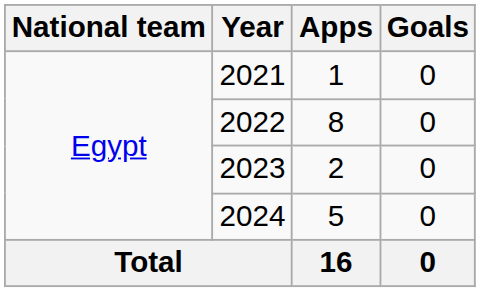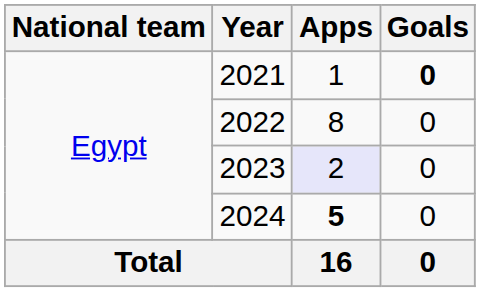 <table class = "wikitable" style = "text-align:center">
 <tr>
 <th>National team</th>
 <th>Year</th>
 <th>Apps</th>
 <th>Goals</th>
 </tr>
 <tr>
 <td rowspan="4"><a href='#'>Egypt</a></td>
 <td>2021</td>
 <td>1</td>
-<td>0</td>
+<td><strong>0</strong></td>
 </tr>
 <tr>
 <td>2022</td>
 <td>8</td>
 <td>0</td>
 </tr>
 <tr>
 <td>2023</td>
-<td>2</td>
+<td style="background: lavender;">2</td>
 <td>0</td>
 </tr>
 <tr>
 <td>2024</td>
-<td>5</td>
+<td><strong>5</strong></td>
 <td>0</td>
 </tr>
 <tr>
 <th colspan="2">Total</th>
 <th>16</th>
 <th>0</th>
 </tr>
 </table>
